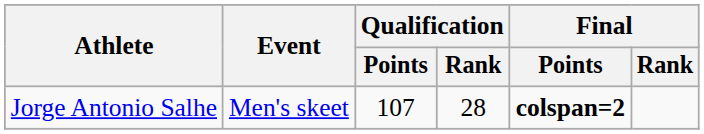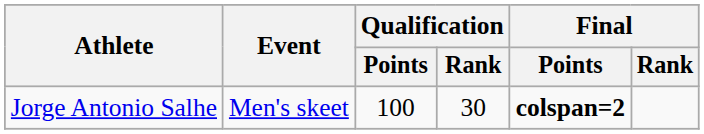 <table class="wikitable" style="font-size:90%">
 <tr>
 <th rowspan="2">Athlete</th>
 <th rowspan="2">Event</th>
 <th colspan=2>Qualification</th>
 <th colspan=2>Final</th>
 </tr>
 <tr style="font-size:95%">
 <th>Points</th>
 <th>Rank</th>
 <th>Points</th>
 <th>Rank</th>
 </tr>
 <tr align=center>
 <td align=left><a href='#'>Jorge Antonio Salhe</a></td>
 <td align=left><a href='#'>Men's skeet</a></td>
-<td>107</td>
-<td>28</td>
+<td>100</td>
+<td>30</td>
 <td><strong>colspan=2</strong></td>
 </tr>
 </table>
